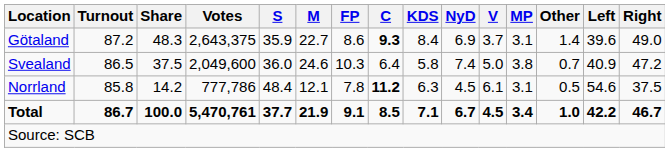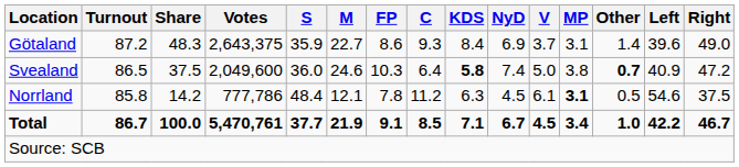 <table class="wikitable sortable" style=text-align:right>
 <tr>
 <th>Location</th>
 <th>Turnout</th>
 <th>Share</th>
 <th>Votes</th>
 <th><a href='#'>S</a></th>
 <th><a href='#'>M</a></th>
 <th><a href='#'>FP</a></th>
 <th><a href='#'>C</a></th>
 <th><a href='#'>KDS</a></th>
 <th><a href='#'>NyD</a></th>
 <th><a href='#'>V</a></th>
 <th><a href='#'>MP</a></th>
 <th>Other</th>
 <th>Left</th>
 <th>Right</th>
 </tr>
 <tr>
 <td align=left><a href='#'>Götaland</a></td>
 <td>87.2</td>
 <td>48.3</td>
 <td>2,643,375</td>
 <td>35.9</td>
 <td>22.7</td>
 <td>8.6</td>
-<td><strong>9.3</strong></td>
+<td>9.3</td>
 <td>8.4</td>
 <td>6.9</td>
 <td>3.7</td>
 <td>3.1</td>
 <td>1.4</td>
 <td>39.6</td>
 <td>49.0</td>
 </tr>
 <tr>
 <td align=left><a href='#'>Svealand</a></td>
 <td>86.5</td>
 <td>37.5</td>
 <td>2,049,600</td>
 <td>36.0</td>
 <td>24.6</td>
 <td>10.3</td>
 <td>6.4</td>
-<td>5.8</td>
+<td><strong>5.8</strong></td>
 <td>7.4</td>
 <td>5.0</td>
 <td>3.8</td>
-<td>0.7</td>
+<td><strong>0.7</strong></td>
 <td>40.9</td>
 <td>47.2</td>
 </tr>
 <tr>
 <td align=left><a href='#'>Norrland</a></td>
 <td>85.8</td>
 <td>14.2</td>
 <td>777,786</td>
 <td>48.4</td>
 <td>12.1</td>
 <td>7.8</td>
-<td><strong>11.2</strong></td>
+<td>11.2</td>
 <td>6.3</td>
 <td>4.5</td>
 <td>6.1</td>
-<td>3.1</td>
+<td><strong>3.1</strong></td>
 <td>0.5</td>
 <td>54.6</td>
 <td>37.5</td>
 </tr>
 <tr>
 <td align=left><strong>Total</strong></td>
 <td><strong>86.7</strong></td>
 <td><strong>100.0</strong></td>
 <td><strong>5,470,761</strong></td>
 <td><strong>37.7</strong></td>
 <td><strong>21.9</strong></td>
 <td><strong>9.1</strong></td>
 <td><strong>8.5</strong></td>
 <td><strong>7.1</strong></td>
 <td><strong>6.7</strong></td>
 <td><strong>4.5</strong></td>
 <td><strong>3.4</strong></td>
 <td><strong>1.0</strong></td>
 <td><strong>42.2</strong></td>
 <td><strong>46.7</strong></td>
 </tr>
 <tr>
 <td align=left colspan=15>Source: SCB </td>
 </tr>
 </table>
